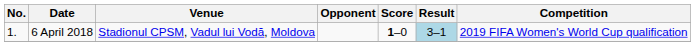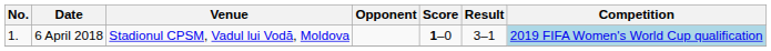 <table class="wikitable">
 <tr>
 <th>No.</th>
 <th>Date</th>
 <th>Venue</th>
 <th>Opponent</th>
 <th>Score</th>
 <th>Result</th>
 <th>Competition</th>
 </tr>
 <tr>
 <td>1.</td>
 <td>6 April 2018</td>
 <td><a href='#'>Stadionul CPSM</a>, <a href='#'>Vadul lui Vodă</a>, <a href='#'>Moldova</a></td>
 <td></td>
 <td align=center><strong>1</strong>–0</td>
-<td align=center style="background: lightblue;">3–1</td>
-<td><a href='#'>2019 FIFA Women's World Cup qualification</a></td>
+<td align=center>3–1</td>
+<td style="background: lightblue;"><a href='#'>2019 FIFA Women's World Cup qualification</a></td>
 </tr>
 <tr>
 </tr>
 </table>
